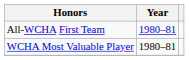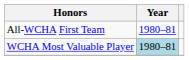 <table class="wikitable">
 <tr>
 <th>Honors</th>
 <th>Year</th>
 <th></th>
 </tr>
 <tr>
 <td>All-<a href='#'>WCHA</a> <a href='#'>First Team</a></td>
 <td><a href='#'>1980–81</a></td>
 <td></td>
 </tr>
 <tr>
 <td><a href='#'>WCHA Most Valuable Player</a></td>
-<td>1980–81</td>
+<td style="background: lightblue;">1980–81</td>
 <td></td>
 </tr>
 <tr>
 </tr>
 </table>
